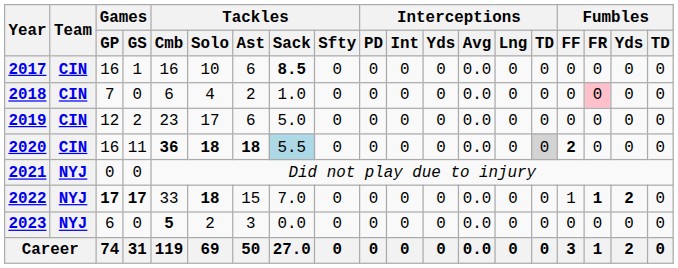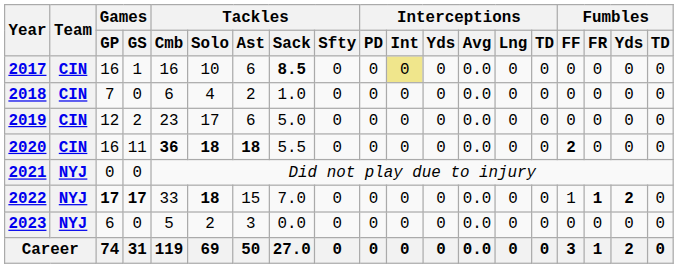 <table class="wikitable" style="text-align:center;">
 <tr>
 <th rowspan="2">Year</th>
 <th rowspan="2">Team</th>
 <th colspan="2">Games</th>
 <th colspan="5">Tackles</th>
 <th colspan="6">Interceptions</th>
 <th colspan="4">Fumbles</th>
 </tr>
 <tr>
 <th>GP</th>
 <th>GS</th>
 <th>Cmb</th>
 <th>Solo</th>
 <th>Ast</th>
 <th>Sack</th>
 <th>Sfty</th>
 <th>PD</th>
 <th>Int</th>
 <th>Yds</th>
 <th>Avg</th>
 <th>Lng</th>
 <th>TD</th>
 <th>FF</th>
 <th>FR</th>
 <th>Yds</th>
 <th>TD</th>
 </tr>
 <tr>
 <th><a href='#'>2017</a></th>
 <th><a href='#'>CIN</a></th>
 <td>16</td>
 <td>1</td>
 <td>16</td>
 <td>10</td>
 <td>6</td>
 <td><strong>8.5</strong></td>
 <td>0</td>
 <td>0</td>
-<td>0</td>
+<td style="background: khaki;">0</td>
 <td>0</td>
 <td>0.0</td>
 <td>0</td>
 <td>0</td>
 <td>0</td>
 <td>0</td>
 <td>0</td>
 <td>0</td>
 </tr>
 <tr>
 <th><a href='#'>2018</a></th>
 <th><a href='#'>CIN</a></th>
 <td>7</td>
 <td>0</td>
 <td>6</td>
 <td>4</td>
 <td>2</td>
 <td>1.0</td>
 <td>0</td>
 <td>0</td>
 <td>0</td>
 <td>0</td>
 <td>0.0</td>
 <td>0</td>
 <td>0</td>
 <td>0</td>
-<td style="background: pink;">0</td>
+<td>0</td>
 <td>0</td>
 <td>0</td>
 </tr>
 <tr>
 <th><a href='#'>2019</a></th>
 <th><a href='#'>CIN</a></th>
 <td>12</td>
 <td>2</td>
 <td>23</td>
 <td>17</td>
 <td>6</td>
 <td>5.0</td>
 <td>0</td>
 <td>0</td>
 <td>0</td>
 <td>0</td>
 <td>0.0</td>
 <td>0</td>
 <td>0</td>
 <td>0</td>
 <td>0</td>
 <td>0</td>
 <td>0</td>
 </tr>
 <tr>
 <th><a href='#'>2020</a></th>
 <th><a href='#'>CIN</a></th>
 <td>16</td>
 <td>11</td>
 <td><strong>36</strong></td>
 <td><strong>18</strong></td>
 <td><strong>18</strong></td>
-<td style="background: lightblue;">5.5</td>
+<td>5.5</td>
 <td>0</td>
 <td>0</td>
 <td>0</td>
 <td>0</td>
 <td>0.0</td>
 <td>0</td>
-<td style="background: lightgrey;">0</td>
+<td>0</td>
 <td><strong>2</strong></td>
 <td>0</td>
 <td>0</td>
 <td>0</td>
 </tr>
 <tr>
 <th><a href='#'>2021</a></th>
 <th><a href='#'>NYJ</a></th>
 <td>0</td>
 <td>0</td>
 <td colspan="15"><em>Did not play due to injury</em></td>
 </tr>
 <tr>
 <th><a href='#'>2022</a></th>
 <th><a href='#'>NYJ</a></th>
 <td><strong>17</strong></td>
 <td><strong>17</strong></td>
 <td>33</td>
 <td><strong>18</strong></td>
 <td>15</td>
 <td>7.0</td>
 <td>0</td>
 <td>0</td>
 <td>0</td>
 <td>0</td>
 <td>0.0</td>
 <td>0</td>
 <td>0</td>
 <td>1</td>
 <td><strong>1</strong></td>
 <td><strong>2</strong></td>
 <td>0</td>
 </tr>
 <tr>
 <th><a href='#'>2023</a></th>
 <th><a href='#'>NYJ</a></th>
 <td>6</td>
 <td>0</td>
-<td><strong>5</strong></td>
+<td>5</td>
 <td>2</td>
 <td>3</td>
 <td>0.0</td>
 <td>0</td>
 <td>0</td>
 <td>0</td>
 <td>0</td>
 <td>0.0</td>
 <td>0</td>
 <td>0</td>
 <td>0</td>
 <td>0</td>
 <td>0</td>
 <td>0</td>
 </tr>
 <tr>
 <th colspan="2">Career</th>
 <th>74</th>
 <th>31</th>
 <th>119</th>
 <th>69</th>
 <th>50</th>
 <th>27.0</th>
 <th>0</th>
 <th>0</th>
 <th>0</th>
 <th>0</th>
 <th>0.0</th>
 <th>0</th>
 <th>0</th>
 <th>3</th>
 <th>1</th>
 <th>2</th>
 <th>0</th>
 </tr>
 </table>
